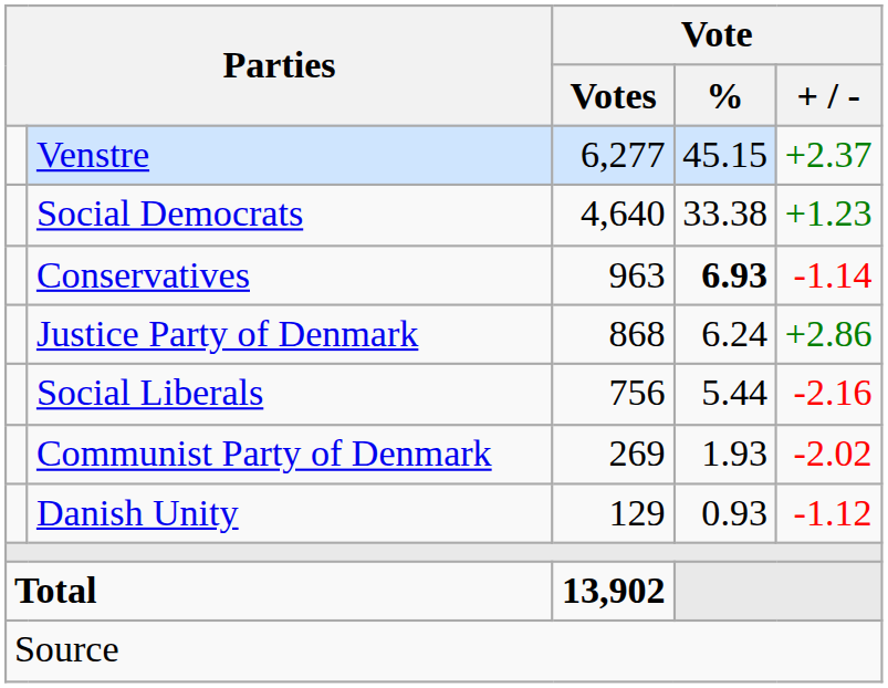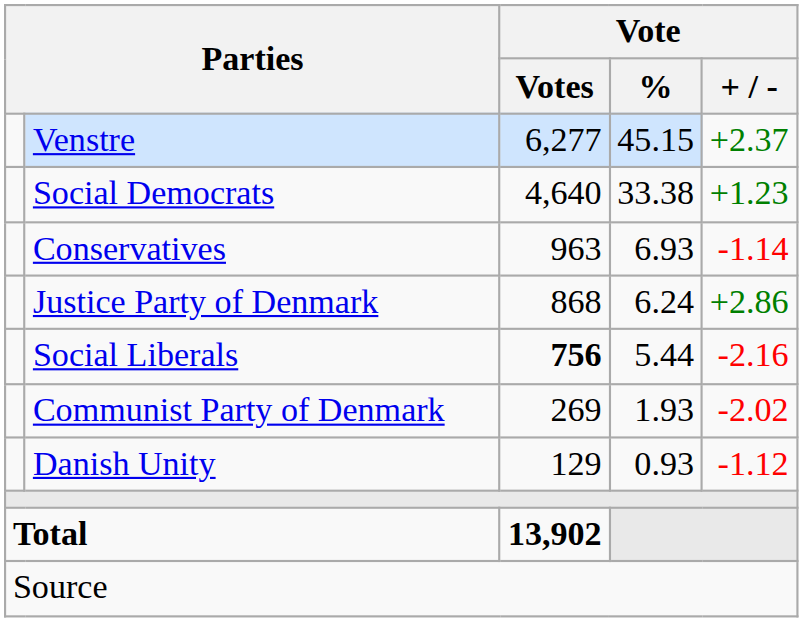 <table class="wikitable" style="text-align:right;">
 <tr>
 <th style="text-align:centre;" rowspan="2" colspan="2" width="225">Parties</th>
 <th colspan="3">Vote</th>
 </tr>
 <tr>
 <th width="15">Votes</th>
 <th width="15">%</th>
 <th width="15">+ / -</th>
 </tr>
 <tr>
 <td width="2" style="color:inherit;background:"></td>
 <td bgcolor=#cfe5fe  align="left"><a href='#'>Venstre</a></td>
 <td bgcolor=#cfe5fe>6,277</td>
 <td bgcolor=#cfe5fe>45.15</td>
 <td style=color:green;>+2.37</td>
 </tr>
 <tr>
 <td width="2" style="color:inherit;background:"></td>
 <td align="left"><a href='#'>Social Democrats</a></td>
 <td>4,640</td>
 <td>33.38</td>
 <td style=color:green;>+1.23</td>
 </tr>
 <tr>
 <td width="2" style="color:inherit;background:"></td>
 <td align="left"><a href='#'>Conservatives</a></td>
 <td>963</td>
-<td><strong>6.93</strong></td>
+<td>6.93</td>
 <td style=color:red;>-1.14</td>
 </tr>
 <tr>
 <td width="2" style="color:inherit;background:"></td>
 <td align="left"><a href='#'>Justice Party of Denmark</a></td>
 <td>868</td>
 <td>6.24</td>
 <td style=color:green;>+2.86</td>
 </tr>
 <tr>
 <td width="2" style="color:inherit;background:"></td>
 <td align="left"><a href='#'>Social Liberals</a></td>
-<td>756</td>
+<td><strong>756</strong></td>
 <td>5.44</td>
 <td style=color:red;>-2.16</td>
 </tr>
 <tr>
 <td width="2" style="color:inherit;background:"></td>
 <td align="left"><a href='#'>Communist Party of Denmark</a></td>
 <td>269</td>
 <td>1.93</td>
 <td style=color:red;>-2.02</td>
 </tr>
 <tr>
 <td width="2" style="color:inherit;background:"></td>
 <td align="left"><a href='#'>Danish Unity</a></td>
 <td>129</td>
 <td>0.93</td>
 <td style=color:red;>-1.12</td>
 </tr>
 <tr>
 <td colspan="7" bgcolor="#E9E9E9"></td>
 </tr>
 <tr>
 <td align="left" colspan="2"><strong>Total</strong></td>
 <td><strong>13,902</strong></td>
 <td bgcolor="#E9E9E9" colspan="2"></td>
 </tr>
 <tr>
 <td align="left" colspan="6">Source</td>
 </tr>
 </table>
